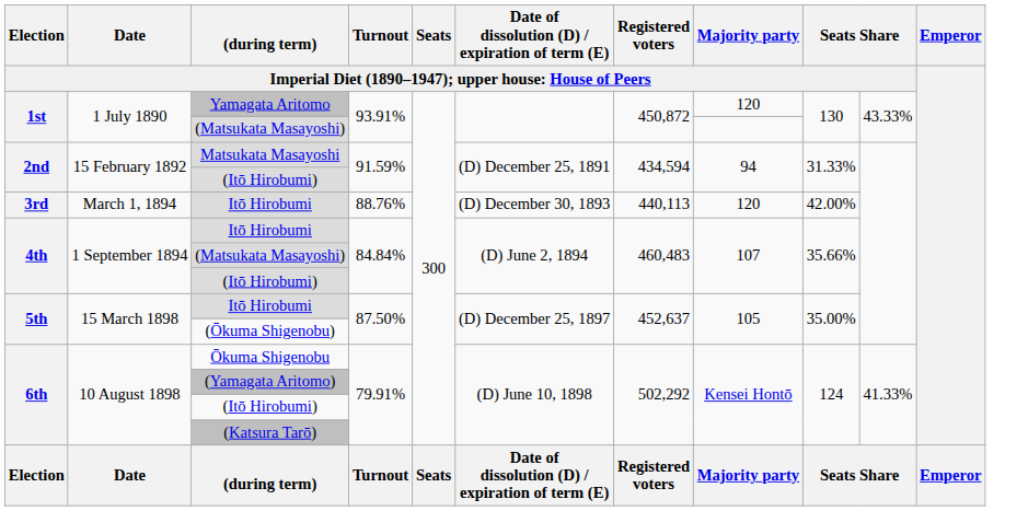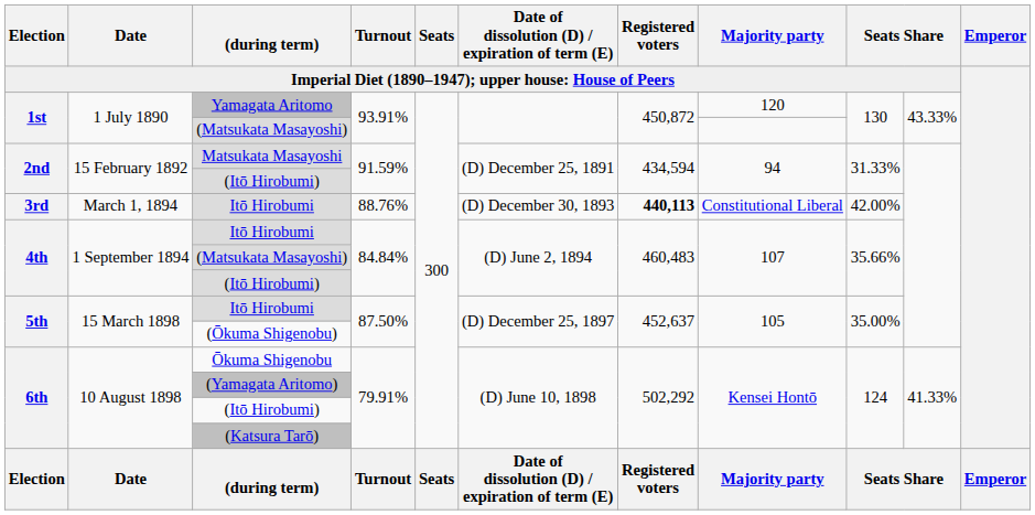 <table class="wikitable plainrowheaders" style="text-align:center">
 <tr>
 <th>Election</th>
 <th>Date</th>
 <th><br>(during term)</th>
 <th>Turnout</th>
 <th>Seats</th>
 <th>Date of<br>dissolution (D) /<br>expiration of term (E)</th>
 <th>Registered<br>voters</th>
 <th><a href='#'>Majority party</a></th>
 <th colspan=2>Seats Share</th>
 <th><a href='#'>Emperor</a><br></th>
 </tr>
 <tr>
 <td align="center" style="background:#efefef;" colspan="10"><strong>Imperial Diet (1890–1947); upper house: <a href='#'>House of Peers</a></strong></td>
 <th rowspan=15 style="font-weight:normal"><strong></strong><br><div></div></th>
 </tr>
 <tr>
 <th rowspan=2><a href='#'>1st</a></th>
 <td rowspan=2>1 July 1890</td>
 <td bgcolor="#bfbfbf"><a href='#'>Yamagata Aritomo</a></td>
 <td rowspan=2>93.91%</td>
 <td rowspan="14">300</td>
 <td rowspan=2></td>
 <td rowspan=2 align="right">450,872</td>
 <td bgcolor=>120</td>
 <td rowspan=2 bgcolor=>130</td>
 <td rowspan=2 bgcolor=>43.33%</td>
 </tr>
 <tr>
 <td bgcolor="Gainsboro">(<a href='#'>Matsukata Masayoshi</a>)</td>
 </tr>
 <tr>
 <th rowspan=2><a href='#'>2nd</a></th>
 <td rowspan=2>15 February 1892</td>
 <td bgcolor="Gainsboro"><a href='#'>Matsukata Masayoshi</a></td>
 <td rowspan=2>91.59%</td>
 <td rowspan=2>(D) December 25, 1891</td>
 <td rowspan=2 align="right">434,594</td>
 <td rowspan=2 bgcolor=>94</td>
 <td rowspan=2 bgcolor=>31.33%</td>
 </tr>
 <tr>
 <td bgcolor="Gainsboro">(<a href='#'>Itō Hirobumi</a>)</td>
 </tr>
 <tr>
 <th><a href='#'>3rd</a></th>
 <td>March 1, 1894</td>
 <td bgcolor="Gainsboro"><a href='#'>Itō Hirobumi</a></td>
 <td>88.76%</td>
 <td>(D) December 30, 1893</td>
-<td align="right">440,113</td>
-<td bgcolor=>120</td>
+<td align="right"><strong>440,113</strong></td>
+<td bgcolor=><a href='#'>Constitutional Liberal</a></td>
 <td bgcolor=>42.00%</td>
 </tr>
 <tr>
 <th rowspan=3><a href='#'>4th</a></th>
 <td rowspan=3>1 September 1894</td>
 <td bgcolor="Gainsboro"><a href='#'>Itō Hirobumi</a></td>
 <td rowspan=3>84.84%</td>
 <td rowspan=3>(D) June 2, 1894</td>
 <td rowspan=3 align="right">460,483</td>
 <td rowspan=3 bgcolor=>107</td>
 <td rowspan=3 bgcolor=>35.66%</td>
 </tr>
 <tr>
 <td bgcolor="Gainsboro">(<a href='#'>Matsukata Masayoshi</a>)</td>
 </tr>
 <tr>
 <td bgcolor="Gainsboro">(<a href='#'>Itō Hirobumi</a>)</td>
 </tr>
 <tr>
 <th rowspan=2><a href='#'>5th</a></th>
 <td rowspan=2>15 March 1898</td>
 <td bgcolor="Gainsboro"><a href='#'>Itō Hirobumi</a></td>
 <td rowspan=2>87.50%</td>
 <td rowspan=2>(D) December 25, 1897</td>
 <td rowspan=2 align="right">452,637</td>
 <td rowspan=2 bgcolor=>105</td>
 <td rowspan=2 bgcolor=>35.00%</td>
 </tr>
 <tr>
 <td bgcolor=>(<a href='#'>Ōkuma Shigenobu</a>)</td>
 </tr>
 <tr>
 <th rowspan=4><a href='#'>6th</a></th>
 <td rowspan=4>10 August 1898</td>
 <td bgcolor=><a href='#'>Ōkuma Shigenobu</a></td>
 <td rowspan=4>79.91%</td>
 <td rowspan=4>(D) June 10, 1898</td>
 <td rowspan=4 align="right">502,292</td>
 <td rowspan=4 bgcolor=><a href='#'>Kensei Hontō</a></td>
 <td rowspan=4 bgcolor=>124</td>
 <td rowspan=4 bgcolor=>41.33%</td>
 </tr>
 <tr>
 <td bgcolor="#bfbfbf">(<a href='#'>Yamagata Aritomo</a>)</td>
 </tr>
 <tr>
 <td>(<a href='#'>Itō Hirobumi</a>)</td>
 </tr>
 <tr>
 <td bgcolor="#bfbfbf">(<a href='#'>Katsura Tarō</a>)</td>
 </tr>
 <tr>
 <th>Election</th>
 <th>Date</th>
 <th><br>(during term)</th>
 <th>Turnout</th>
 <th>Seats</th>
 <th>Date of<br>dissolution (D) /<br>expiration of term (E)</th>
 <th>Registered<br>voters</th>
 <th><a href='#'>Majority party</a></th>
 <th colspan=2>Seats Share</th>
 <th><a href='#'>Emperor</a><br></th>
 </tr>
 </table>
